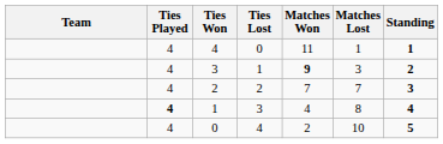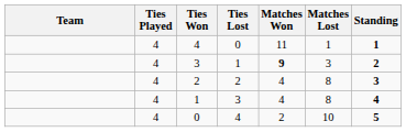 <table class=wikitable style="text-align:center">
 <tr>
 <th width=175>Team</th>
 <th width=50>Ties Played</th>
 <th width=50>Ties Won</th>
 <th width=50>Ties Lost</th>
 <th width=50>Matches Won</th>
 <th width=50>Matches Lost</th>
 <th width=50>Standing</th>
 </tr>
 <tr>
 <td style="text-align:left"></td>
 <td>4</td>
 <td>4</td>
 <td>0</td>
 <td>11</td>
 <td>1</td>
 <td><strong>1</strong></td>
 </tr>
 <tr>
 <td style="text-align:left"></td>
 <td>4</td>
 <td>3</td>
 <td>1</td>
 <td><strong>9</strong></td>
 <td>3</td>
 <td><strong>2</strong></td>
 </tr>
 <tr>
 <td style="text-align:left"></td>
 <td>4</td>
 <td>2</td>
 <td>2</td>
-<td>7</td>
-<td>7</td>
+<td>4</td>
+<td>8</td>
 <td><strong>3</strong></td>
 </tr>
 <tr>
 <td style="text-align:left"></td>
-<td><strong>4</strong></td>
+<td>4</td>
 <td>1</td>
 <td>3</td>
 <td>4</td>
 <td>8</td>
 <td><strong>4</strong></td>
 </tr>
 <tr>
 <td style="text-align:left"></td>
 <td>4</td>
 <td>0</td>
 <td>4</td>
 <td>2</td>
 <td>10</td>
 <td><strong>5</strong></td>
 </tr>
 </table>
